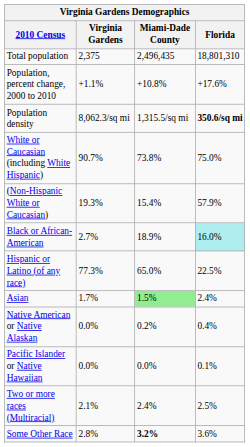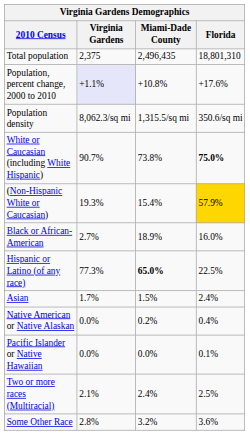 <table class="wikitable" style="float: center; margin-right: 2em; width: 35%; font-size: 75%;">
 <tr>
 <th colspan=4>Virginia Gardens Demographics</th>
 </tr>
 <tr>
 <th><a href='#'>2010 Census</a></th>
 <th>Virginia Gardens</th>
 <th>Miami-Dade County</th>
 <th>Florida</th>
 </tr>
 <tr>
 <td>Total population</td>
 <td>2,375</td>
 <td>2,496,435</td>
 <td>18,801,310</td>
 </tr>
 <tr>
 <td>Population, percent change, 2000 to 2010</td>
-<td>+1.1%</td>
+<td style="background: lavender;">+1.1%</td>
 <td>+10.8%</td>
 <td>+17.6%</td>
 </tr>
 <tr>
 <td>Population density</td>
 <td>8,062.3/sq mi</td>
 <td>1,315.5/sq mi</td>
-<td><strong>350.6/sq mi</strong></td>
+<td>350.6/sq mi</td>
 </tr>
 <tr>
 <td><a href='#'>White or Caucasian</a> (including <a href='#'>White Hispanic</a>)</td>
 <td>90.7%</td>
 <td>73.8%</td>
-<td>75.0%</td>
+<td><strong>75.0%</strong></td>
 </tr>
 <tr>
 <td>(<a href='#'>Non-Hispanic White or Caucasian</a>)</td>
 <td>19.3%</td>
 <td>15.4%</td>
-<td>57.9%</td>
+<td style="background: gold;">57.9%</td>
 </tr>
 <tr>
 <td><a href='#'>Black or African-American</a></td>
 <td>2.7%</td>
 <td>18.9%</td>
-<td style="background: paleturquoise;">16.0%</td>
+<td>16.0%</td>
 </tr>
 <tr>
 <td><a href='#'>Hispanic or Latino (of any race)</a></td>
 <td>77.3%</td>
-<td>65.0%</td>
+<td><strong>65.0%</strong></td>
 <td>22.5%</td>
 </tr>
 <tr>
 <td><a href='#'>Asian</a></td>
 <td>1.7%</td>
-<td style="background: lightgreen;">1.5%</td>
+<td>1.5%</td>
 <td>2.4%</td>
 </tr>
 <tr>
 <td><a href='#'>Native American</a> or <a href='#'>Native Alaskan</a></td>
 <td>0.0%</td>
 <td>0.2%</td>
 <td>0.4%</td>
 </tr>
 <tr>
 <td><a href='#'>Pacific Islander</a> or <a href='#'>Native Hawaiian</a></td>
 <td>0.0%</td>
 <td>0.0%</td>
 <td>0.1%</td>
 </tr>
 <tr>
 <td><a href='#'>Two or more races (Multiracial)</a></td>
 <td>2.1%</td>
 <td>2.4%</td>
 <td>2.5%</td>
 </tr>
 <tr>
 <td><a href='#'>Some Other Race</a></td>
 <td>2.8%</td>
-<td><strong>3.2%</strong></td>
+<td>3.2%</td>
 <td>3.6%</td>
 </tr>
 </table>
